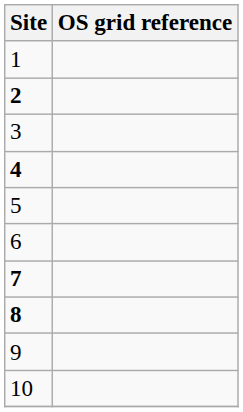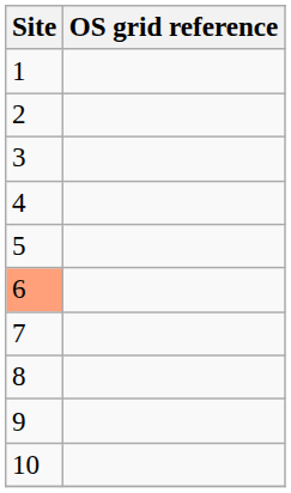 <table class="wikitable">
 <tr>
 <th>Site</th>
 <th>OS grid reference</th>
 </tr>
 <tr>
 <td>1</td>
 <td></td>
 </tr>
 <tr>
-<td><strong>2</strong></td>
+<td>2</td>
 <td></td>
 </tr>
 <tr>
 <td>3</td>
 <td></td>
 </tr>
 <tr>
-<td><strong>4</strong></td>
+<td>4</td>
 <td></td>
 </tr>
 <tr>
 <td>5</td>
 <td></td>
 </tr>
 <tr>
-<td>6</td>
+<td style="background: lightsalmon;">6</td>
 <td></td>
 </tr>
 <tr>
-<td><strong>7</strong></td>
+<td>7</td>
 <td></td>
 </tr>
 <tr>
-<td><strong>8</strong></td>
+<td>8</td>
 <td></td>
 </tr>
 <tr>
 <td>9</td>
 <td></td>
 </tr>
 <tr>
 <td>10</td>
 <td></td>
 </tr>
 <tr>
 </tr>
 </table>
